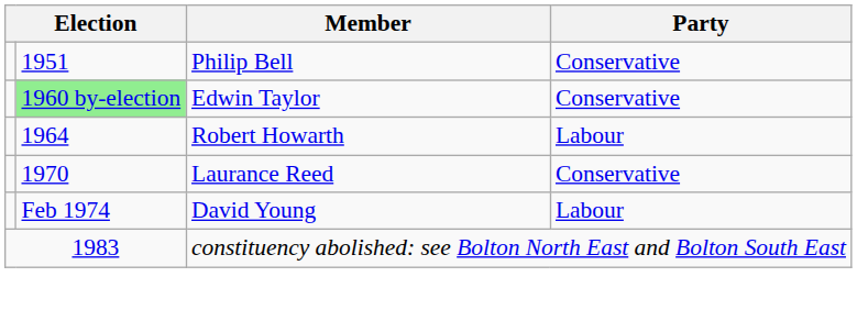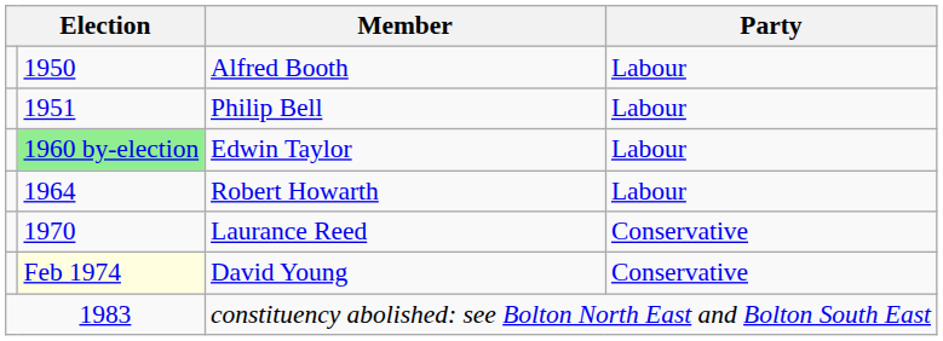 <table class="wikitable">
 <tr>
 <th colspan="2">Election</th>
 <th>Member</th>
 <th>Party</th>
 </tr>
 <tr>
 <td style="color:inherit;background-color: "></td>
+<td><a href='#'>1950</a></td>
+<td><a href='#'>Alfred Booth</a></td>
+<td><a href='#'>Labour</a></td>
+</tr>
+<tr>
+<td style="color:inherit;background-color: "></td>
 <td><a href='#'>1951</a></td>
 <td><a href='#'>Philip Bell</a></td>
-<td><a href='#'>Conservative</a></td>
+<td><a href='#'>Labour</a></td>
 </tr>
 <tr>
 <td style="color:inherit;background-color: "></td>
 <td style="background: lightgreen;"><a href='#'>1960 by-election</a></td>
 <td><a href='#'>Edwin Taylor</a></td>
-<td><a href='#'>Conservative</a></td>
+<td><a href='#'>Labour</a></td>
 </tr>
 <tr>
 <td style="color:inherit;background-color: "></td>
 <td><a href='#'>1964</a></td>
 <td><a href='#'>Robert Howarth</a></td>
 <td><a href='#'>Labour</a></td>
 </tr>
 <tr>
 <td style="color:inherit;background-color: "></td>
 <td><a href='#'>1970</a></td>
 <td><a href='#'>Laurance Reed</a></td>
 <td><a href='#'>Conservative</a></td>
 </tr>
 <tr>
 <td style="color:inherit;background-color: "></td>
-<td><a href='#'>Feb 1974</a></td>
+<td style="background: lightyellow;"><a href='#'>Feb 1974</a></td>
 <td><a href='#'>David Young</a></td>
-<td><a href='#'>Labour</a></td>
+<td><a href='#'>Conservative</a></td>
 </tr>
 <tr>
 <td colspan="2" align="center"><a href='#'>1983</a></td>
 <td colspan="2"><em>constituency abolished: see <a href='#'>Bolton North East</a> and <a href='#'>Bolton South East</a></em></td>
 </tr>
 </table>
